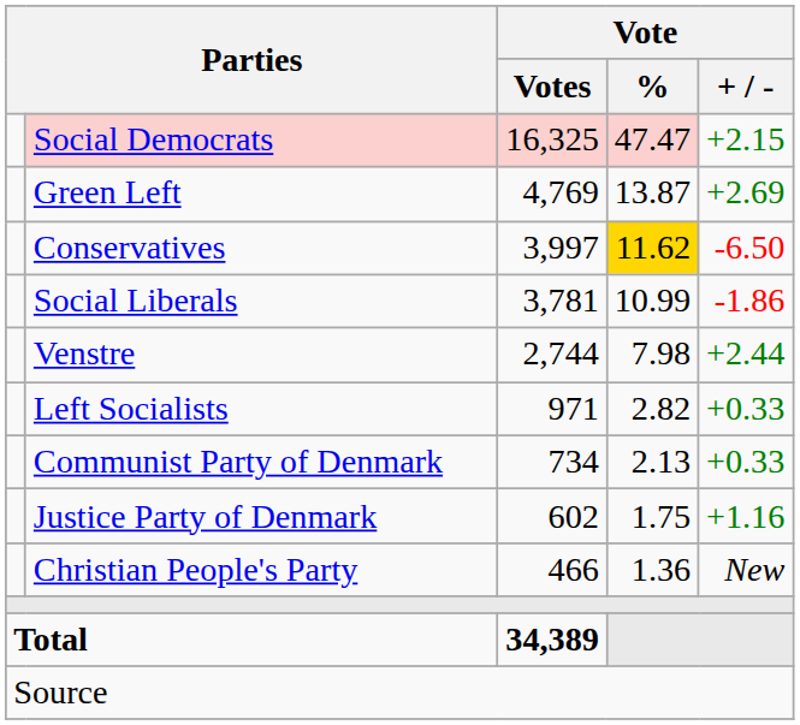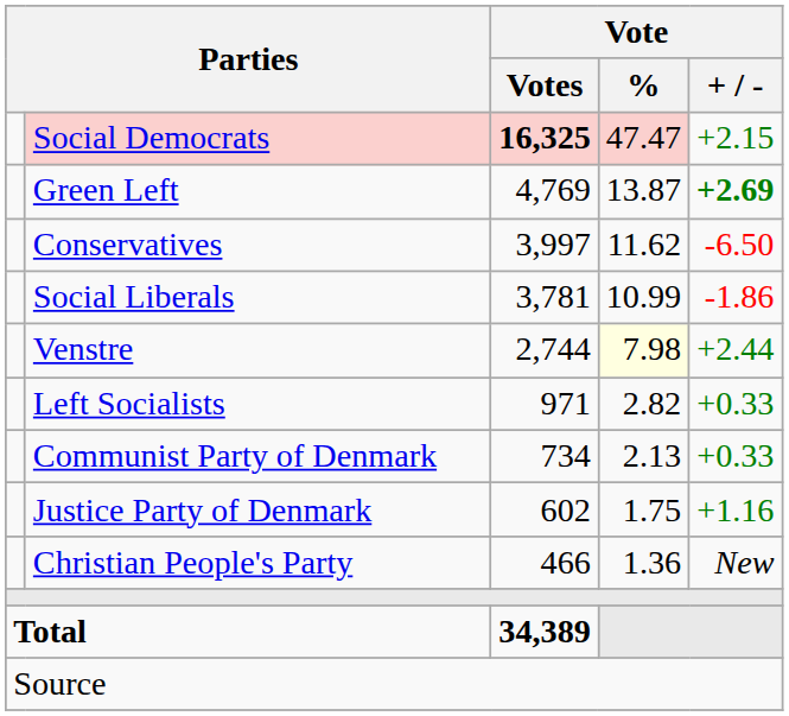 <table class="wikitable" style="text-align:right;">
 <tr>
 <th style="text-align:centre;" rowspan="2" colspan="2" width="225">Parties</th>
 <th colspan="3">Vote</th>
 </tr>
 <tr>
 <th width="15">Votes</th>
 <th width="15">%</th>
 <th width="15">+ / -</th>
 </tr>
 <tr>
 <td width="2" style="color:inherit;background:"></td>
 <td bgcolor=#fbd0ce  align="left"><a href='#'>Social Democrats</a></td>
-<td bgcolor=#fbd0ce>16,325</td>
+<td bgcolor=#fbd0ce><strong>16,325</strong></td>
 <td bgcolor=#fbd0ce>47.47</td>
 <td style=color:green;>+2.15</td>
 </tr>
 <tr>
 <td width="2" style="color:inherit;background:"></td>
 <td align="left"><a href='#'>Green Left</a></td>
 <td>4,769</td>
 <td>13.87</td>
-<td style=color:green;>+2.69</td>
+<td style=color:green;><strong>+2.69</strong></td>
 </tr>
 <tr>
 <td width="2" style="color:inherit;background:"></td>
 <td align="left"><a href='#'>Conservatives</a></td>
 <td>3,997</td>
-<td style="background: gold;">11.62</td>
+<td>11.62</td>
 <td style=color:red;>-6.50</td>
 </tr>
 <tr>
 <td width="2" style="color:inherit;background:"></td>
 <td align="left"><a href='#'>Social Liberals</a></td>
 <td>3,781</td>
 <td>10.99</td>
 <td style=color:red;>-1.86</td>
 </tr>
 <tr>
 <td width="2" style="color:inherit;background:"></td>
 <td align="left"><a href='#'>Venstre</a></td>
 <td>2,744</td>
-<td>7.98</td>
+<td style="background: lightyellow;">7.98</td>
 <td style=color:green;>+2.44</td>
 </tr>
 <tr>
 <td width="2" style="color:inherit;background:"></td>
 <td align="left"><a href='#'>Left Socialists</a></td>
 <td>971</td>
 <td>2.82</td>
 <td style=color:green;>+0.33</td>
 </tr>
 <tr>
 <td width="2" style="color:inherit;background:"></td>
 <td align="left"><a href='#'>Communist Party of Denmark</a></td>
 <td>734</td>
 <td>2.13</td>
 <td style=color:green;>+0.33</td>
 </tr>
 <tr>
 <td width="2" style="color:inherit;background:"></td>
 <td align="left"><a href='#'>Justice Party of Denmark</a></td>
 <td>602</td>
 <td>1.75</td>
 <td style=color:green;>+1.16</td>
 </tr>
 <tr>
 <td width="2" style="color:inherit;background:"></td>
 <td align="left"><a href='#'>Christian People's Party</a></td>
 <td>466</td>
 <td>1.36</td>
 <td><em>New</em></td>
 </tr>
 <tr>
 <td colspan="7" bgcolor="#E9E9E9"></td>
 </tr>
 <tr>
 <td align="left" colspan="2"><strong>Total</strong></td>
 <td><strong>34,389</strong></td>
 <td bgcolor="#E9E9E9" colspan="2"></td>
 </tr>
 <tr>
 <td align="left" colspan="6">Source</td>
 </tr>
 </table>
